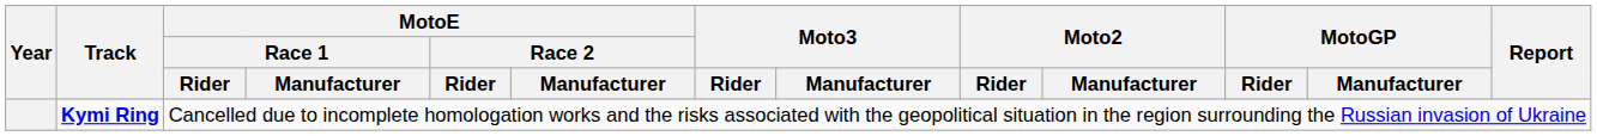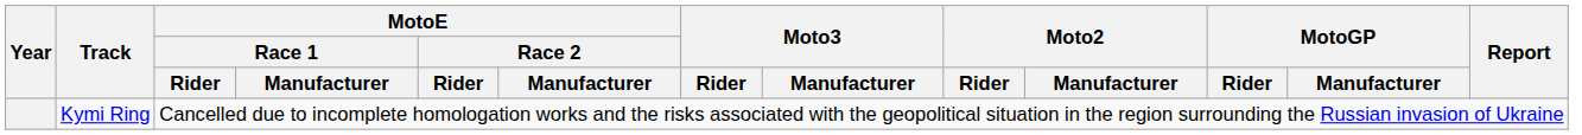 <table class="wikitable" style="font-size: 95%;">
 <tr>
 <th rowspan=3>Year</th>
 <th rowspan=3>Track</th>
 <th colspan=4>MotoE</th>
 <th colspan=2 rowspan=2>Moto3</th>
 <th colspan=2 rowspan=2>Moto2</th>
 <th colspan=2 rowspan=2>MotoGP</th>
 <th rowspan=3>Report</th>
 </tr>
 <tr>
 <th colspan=2>Race 1</th>
 <th colspan=2>Race 2</th>
 </tr>
 <tr>
 <th>Rider</th>
 <th>Manufacturer</th>
 <th>Rider</th>
 <th>Manufacturer</th>
 <th>Rider</th>
 <th>Manufacturer</th>
 <th>Rider</th>
 <th>Manufacturer</th>
 <th>Rider</th>
 <th>Manufacturer</th>
 </tr>
 <tr>
 <th></th>
-<td><strong><a href='#'>Kymi Ring</a></strong></td>
+<td><a href='#'>Kymi Ring</a></td>
 <td colspan="11" align="center">Cancelled due to incomplete homologation works and the risks associated with the geopolitical situation in the region surrounding the <a href='#'>Russian invasion of Ukraine</a></td>
 </tr>
 </table>
